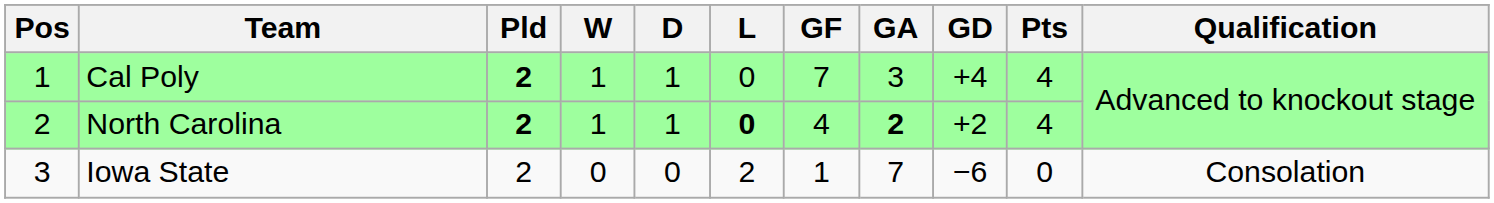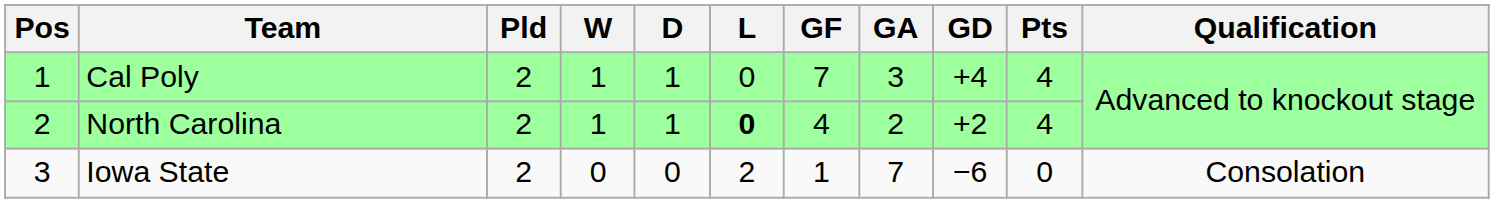 <table class="wikitable" style="text-align:center; margin: 1em auto">
 <tr>
 <th style="width:2em">Pos</th>
 <th style="width:13em">Team</th>
 <th style="width:2em">Pld</th>
 <th style="width:2em">W</th>
 <th style="width:2em">D</th>
 <th style="width:2em">L</th>
 <th style="width:2em">GF</th>
 <th style="width:2em">GA</th>
 <th style="width:2em">GD</th>
 <th style="width:2em">Pts</th>
 <th style="width:13em">Qualification</th>
 </tr>
 <tr bgcolor="#9eff9e">
 <td>1</td>
 <td style="text-align:left">Cal Poly</td>
-<td><strong>2</strong></td>
+<td>2</td>
 <td>1</td>
 <td>1</td>
 <td>0</td>
 <td>7</td>
 <td>3</td>
 <td>+4</td>
 <td>4</td>
 <td rowspan="2">Advanced to knockout stage</td>
 </tr>
 <tr bgcolor="#9eff9e">
 <td>2</td>
 <td style="text-align:left">North Carolina</td>
-<td><strong>2</strong></td>
+<td>2</td>
 <td>1</td>
 <td>1</td>
 <td><strong>0</strong></td>
 <td>4</td>
-<td><strong>2</strong></td>
+<td>2</td>
 <td>+2</td>
 <td>4</td>
 </tr>
 <tr>
 <td>3</td>
 <td style="text-align:left">Iowa State</td>
 <td>2</td>
 <td>0</td>
 <td>0</td>
 <td>2</td>
 <td>1</td>
 <td>7</td>
 <td>−6</td>
 <td>0</td>
 <td>Consolation</td>
 </tr>
 </table>
